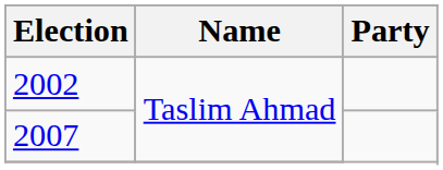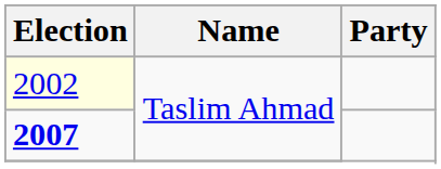 <table class="wikitable sortable">
 <tr>
 <th>Election</th>
 <th>Name</th>
 <th colspan=2>Party</th>
 </tr>
 <tr>
-<td><a href='#'>2002</a></td>
+<td style="background: lightyellow;"><a href='#'>2002</a></td>
 <td rowspan=2><a href='#'>Taslim Ahmad</a></td>
 <td></td>
 </tr>
 <tr>
-<td><a href='#'>2007</a></td>
+<td><strong><a href='#'>2007</a></strong></td>
 </tr>
 <tr>
 </tr>
 </table>
